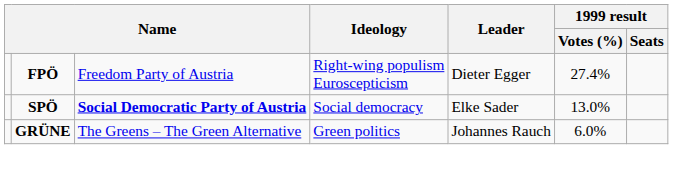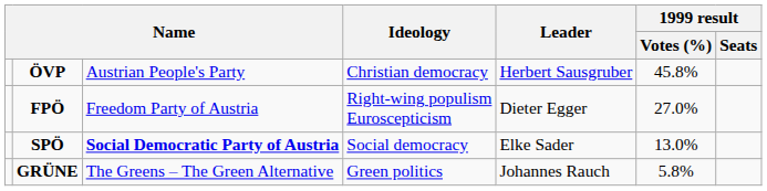 <table class="wikitable">
 <tr>
 <th rowspan="2" colspan="3">Name</th>
 <th rowspan="2">Ideology</th>
 <th rowspan="2">Leader</th>
 <th colspan="2">1999 result</th>
 </tr>
 <tr>
 <th>Votes (%)</th>
 <th>Seats</th>
 </tr>
 <tr>
 <td style="background:"></td>
+<td style="text-align:center;"><strong>ÖVP</strong></td>
+<td><a href='#'>Austrian People's Party</a><br></td>
+<td><a href='#'>Christian democracy</a></td>
+<td><a href='#'>Herbert Sausgruber</a></td>
+<td style="text-align:center;">45.8%</td>
+<td></td>
+</tr>
+<tr>
+<td style="background:"></td>
 <td style="text-align:center;"><strong>FPÖ</strong></td>
 <td><a href='#'>Freedom Party of Austria</a><br></td>
 <td><a href='#'>Right-wing populism</a><br><a href='#'>Euroscepticism</a></td>
 <td>Dieter Egger</td>
-<td style="text-align:center;">27.4%</td>
+<td style="text-align:center;">27.0%</td>
 <td></td>
 </tr>
 <tr>
 <td style="background:"></td>
 <td style="text-align:center;"><strong>SPÖ</strong></td>
 <td><strong><a href='#'>Social Democratic Party of Austria</a><br></strong></td>
 <td><a href='#'>Social democracy</a></td>
 <td>Elke Sader</td>
 <td style="text-align:center;">13.0%</td>
 <td></td>
 </tr>
 <tr>
 <td style="background:"></td>
 <td style="text-align:center;"><strong>GRÜNE</strong></td>
 <td><a href='#'>The Greens – The Green Alternative</a><br></td>
 <td><a href='#'>Green politics</a></td>
 <td>Johannes Rauch</td>
-<td style="text-align:center;">6.0%</td>
+<td style="text-align:center;">5.8%</td>
 <td></td>
 </tr>
 </table>
